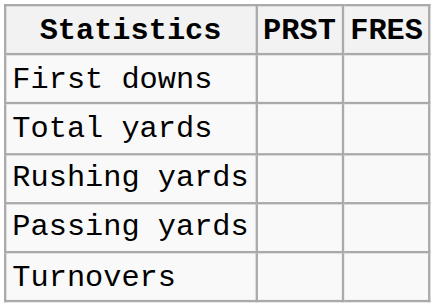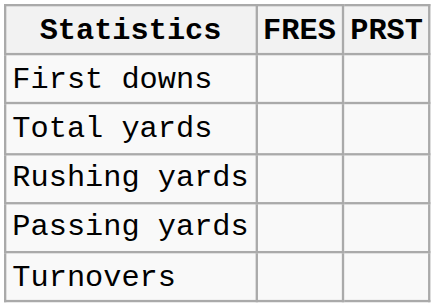 <table class="wikitable">
 <tr>
 <th>Statistics</th>
+<th>FRES</th>
 <th>PRST</th>
-<th>FRES</th>
 </tr>
 <tr>
 <td>First downs</td>
 <td></td>
 <td></td>
 </tr>
 <tr>
 <td>Total yards</td>
 <td></td>
 <td></td>
 </tr>
 <tr>
 <td>Rushing yards</td>
 <td></td>
 <td></td>
 </tr>
 <tr>
 <td>Passing yards</td>
 <td></td>
 <td></td>
 </tr>
 <tr>
 <td>Turnovers</td>
 <td></td>
 <td></td>
 </tr>
 </table>
